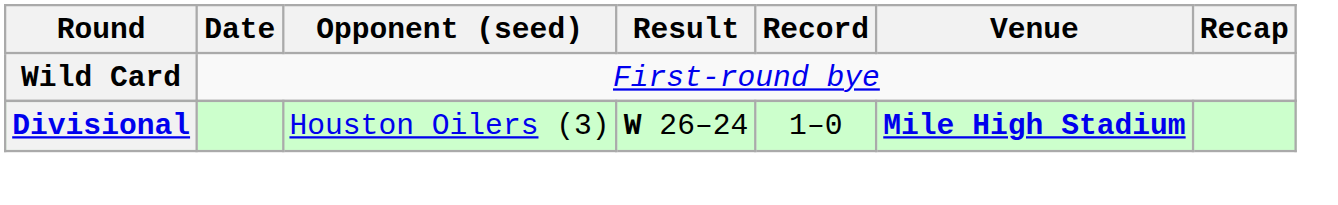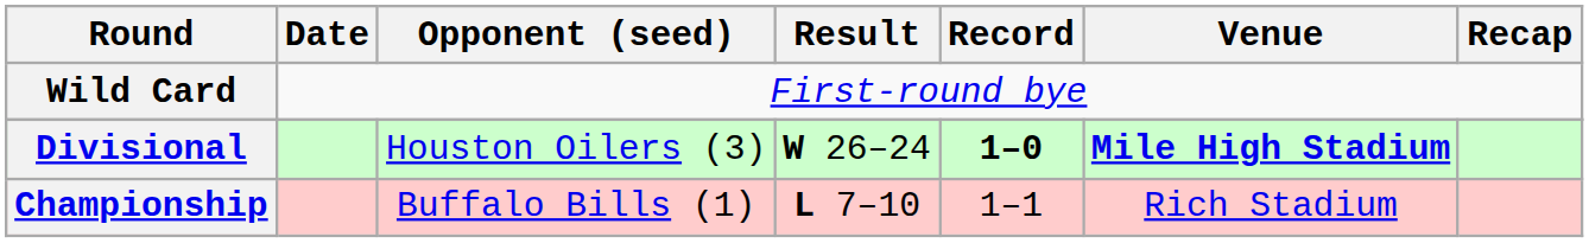 <table class="wikitable" style="text-align:center">
 <tr>
 <th>Round</th>
 <th>Date</th>
 <th>Opponent (seed)</th>
 <th>Result</th>
 <th>Record</th>
 <th>Venue</th>
 <th>Recap</th>
 </tr>
 <tr>
 <th>Wild Card</th>
 <td colspan="6" align="center"><em><a href='#'>First-round bye</a></em></td>
 </tr>
 <tr>
 </tr>
 <tr style="background: #cfc;">
 <th><a href='#'>Divisional</a></th>
 <td></td>
 <td><a href='#'>Houston Oilers</a> (3)</td>
 <td><strong>W</strong> 26–24</td>
-<td>1–0</td>
+<td><strong>1–0</strong></td>
 <td><strong><a href='#'>Mile High Stadium</a></strong></td>
 <td></td>
 </tr>
+<tr style="background: #fcc;">
+<th><a href='#'>Championship</a></th>
+<td></td>
+<td><a href='#'>Buffalo Bills</a> (1)</td>
+<td><strong>L</strong> 7–10</td>
+<td>1–1</td>
+<td><a href='#'>Rich Stadium</a></td>
+<td></td>
+</tr>
 </table>
